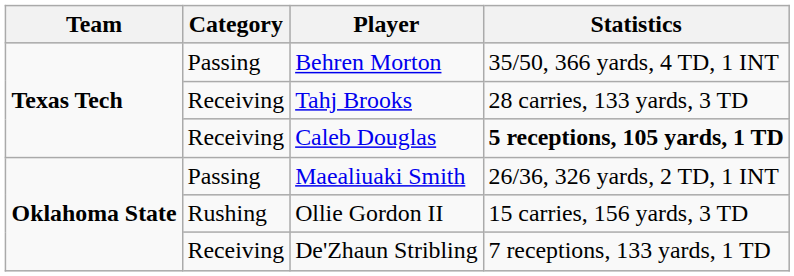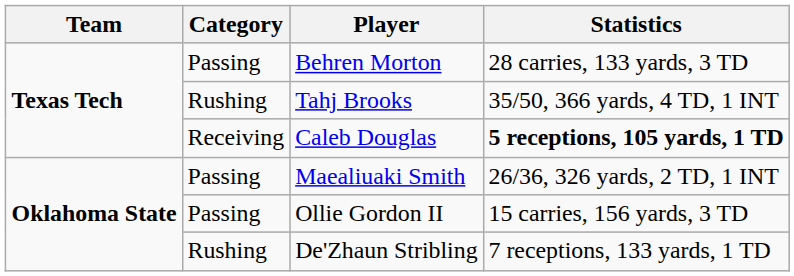 <table class="wikitable" style="float: right;">
 <tr>
 <th>Team</th>
 <th>Category</th>
 <th>Player</th>
 <th>Statistics</th>
 </tr>
 <tr>
 <td rowspan=3><strong>Texas Tech</strong></td>
 <td>Passing</td>
 <td><a href='#'>Behren Morton</a></td>
-<td>35/50, 366 yards, 4 TD, 1 INT</td>
+<td>28 carries, 133 yards, 3 TD</td>
 </tr>
 <tr>
-<td>Receiving</td>
+<td>Rushing</td>
 <td><a href='#'>Tahj Brooks</a></td>
-<td>28 carries, 133 yards, 3 TD</td>
+<td>35/50, 366 yards, 4 TD, 1 INT</td>
 </tr>
 <tr>
 <td>Receiving</td>
 <td><a href='#'>Caleb Douglas</a></td>
 <td><strong>5 receptions, 105 yards, 1 TD</strong></td>
 </tr>
 <tr>
 <td rowspan=3><strong>Oklahoma State</strong></td>
 <td>Passing</td>
 <td><a href='#'>Maealiuaki Smith</a></td>
 <td>26/36, 326 yards, 2 TD, 1 INT</td>
 </tr>
 <tr>
-<td>Rushing</td>
+<td>Passing</td>
 <td>Ollie Gordon II</td>
 <td>15 carries, 156 yards, 3 TD</td>
 </tr>
 <tr>
-<td>Receiving</td>
+<td>Rushing</td>
 <td>De'Zhaun Stribling</td>
 <td>7 receptions, 133 yards, 1 TD</td>
 </tr>
 </table>
